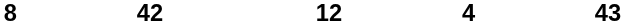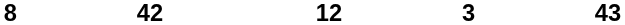 <table style="width: 500px; text-align: center;”">
 <tr>
 <td colspan="5"></td>
 </tr>
 <tr>
 <td style="background:"><strong>8</strong></td>
 <td style="background:"><strong>42</strong></td>
 <td style="background:"><strong>12</strong></td>
-<td style="background:"><strong>4</strong></td>
+<td style="background:"><strong>3</strong></td>
 <td style="background:"><strong>43</strong></td>
 </tr>
 <tr>
 <td></td>
 <td></td>
 <td></td>
 <td style="color:"></td>
 <td></td>
 </tr>
 </table>
